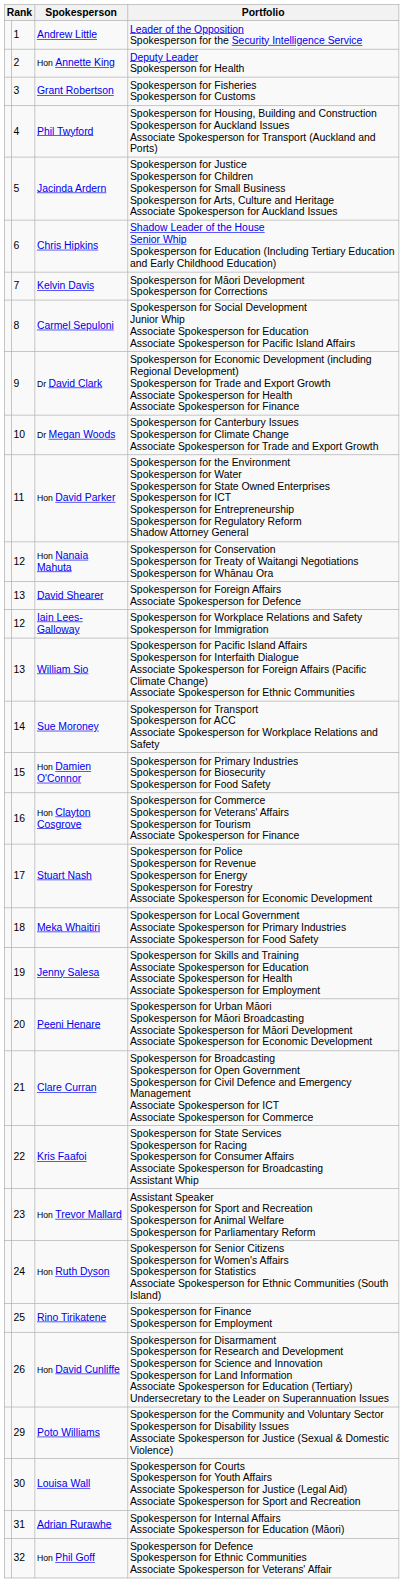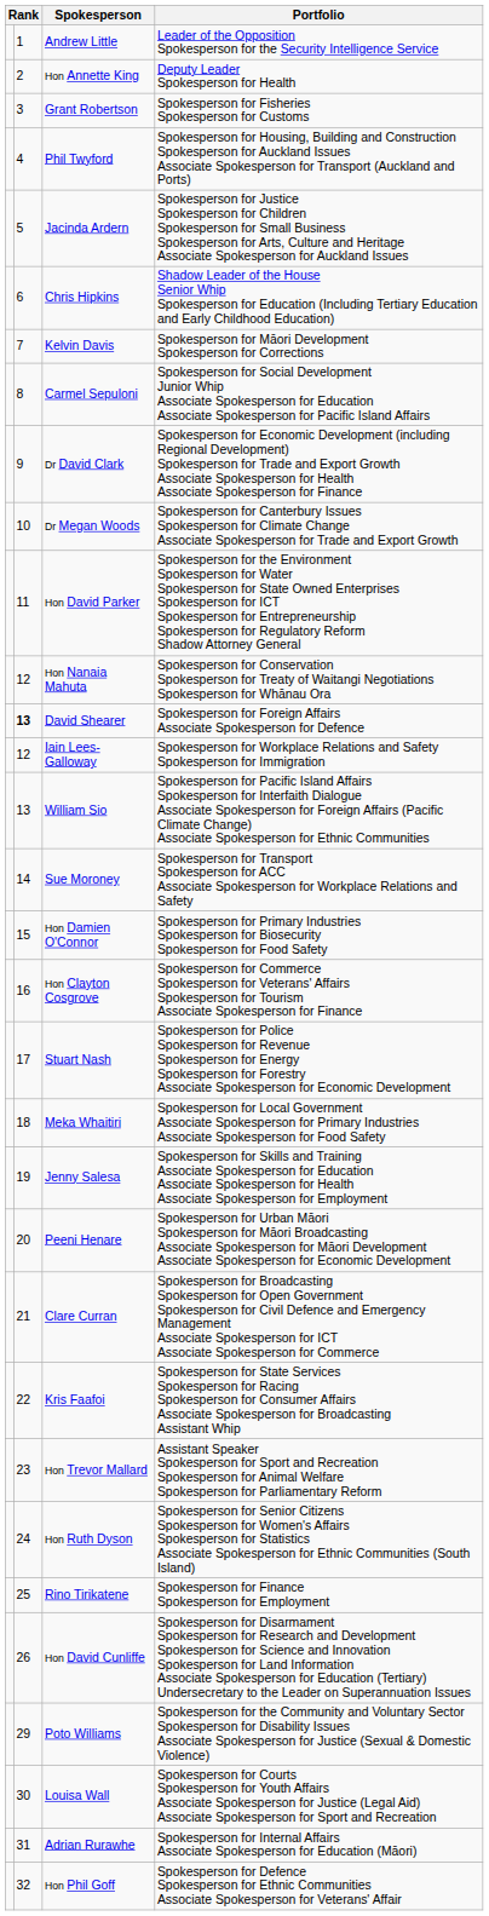 <table class="wikitable">
 <tr>
 <th colspan="2">Rank</th>
 <th>Spokesperson</th>
 <th>Portfolio</th>
 </tr>
 <tr>
 <td bgcolor=></td>
 <td>1</td>
 <td><a href='#'>Andrew Little</a></td>
 <td><a href='#'>Leader of the Opposition</a><br>Spokesperson for the <a href='#'>Security Intelligence Service</a></td>
 </tr>
 <tr>
 <td bgcolor=></td>
 <td>2</td>
 <td><small>Hon </small><a href='#'>Annette King</a></td>
 <td><a href='#'>Deputy Leader</a><br>Spokesperson for Health</td>
 </tr>
 <tr>
 <td bgcolor=></td>
 <td>3</td>
 <td><a href='#'>Grant Robertson</a></td>
 <td>Spokesperson for Fisheries<br>Spokesperson for Customs</td>
 </tr>
 <tr>
 <td bgcolor=></td>
 <td>4</td>
 <td><a href='#'>Phil Twyford</a></td>
 <td>Spokesperson for Housing, Building and Construction<br>Spokesperson for Auckland Issues<br>Associate Spokesperson for Transport (Auckland and Ports)</td>
 </tr>
 <tr>
 <td bgcolor=></td>
 <td>5</td>
 <td><a href='#'>Jacinda Ardern</a></td>
 <td>Spokesperson for Justice<br>Spokesperson for Children<br>Spokesperson for Small Business<br>Spokesperson for Arts, Culture and Heritage<br>Associate Spokesperson for Auckland Issues</td>
 </tr>
 <tr>
 <td bgcolor=></td>
 <td>6</td>
 <td><a href='#'>Chris Hipkins</a></td>
 <td><a href='#'>Shadow Leader of the House</a><br><a href='#'>Senior Whip</a><br>Spokesperson for Education (Including Tertiary Education and Early Childhood Education)</td>
 </tr>
 <tr>
 <td bgcolor=></td>
 <td>7</td>
 <td><a href='#'>Kelvin Davis</a></td>
 <td>Spokesperson for Māori Development<br>Spokesperson for Corrections</td>
 </tr>
 <tr>
 <td bgcolor=></td>
 <td>8</td>
 <td><a href='#'>Carmel Sepuloni</a></td>
 <td>Spokesperson for Social Development<br>Junior Whip<br>Associate Spokesperson for Education<br>Associate Spokesperson for Pacific Island Affairs</td>
 </tr>
 <tr>
 <td bgcolor=></td>
 <td>9</td>
 <td><small>Dr </small><a href='#'>David Clark</a></td>
 <td>Spokesperson for Economic Development (including Regional Development)<br>Spokesperson for Trade and Export Growth<br>Associate Spokesperson for Health<br>Associate Spokesperson for Finance</td>
 </tr>
 <tr>
 <td bgcolor=></td>
 <td>10</td>
 <td><small>Dr </small><a href='#'>Megan Woods</a></td>
 <td>Spokesperson for Canterbury Issues<br>Spokesperson for Climate Change<br>Associate Spokesperson for Trade and Export Growth</td>
 </tr>
 <tr>
 <td bgcolor=></td>
 <td>11</td>
 <td><small>Hon </small><a href='#'>David Parker</a></td>
 <td>Spokesperson for the Environment<br>Spokesperson for Water<br>Spokesperson for State Owned Enterprises<br>Spokesperson for ICT<br>Spokesperson for Entrepreneurship<br>Spokesperson for Regulatory Reform<br>Shadow Attorney General<br></td>
 </tr>
 <tr>
 <td bgcolor=></td>
 <td>12</td>
 <td><small>Hon </small><a href='#'>Nanaia Mahuta</a></td>
 <td>Spokesperson for Conservation<br>Spokesperson for Treaty of Waitangi Negotiations<br>Spokesperson for Whānau Ora<br></td>
 </tr>
 <tr>
 <td bgcolor=></td>
-<td>13</td>
+<td><strong>13</strong></td>
 <td><a href='#'>David Shearer</a></td>
 <td>Spokesperson for Foreign Affairs<br>Associate Spokesperson for Defence</td>
 </tr>
 <tr>
 <td bgcolor=></td>
 <td>12</td>
 <td><a href='#'>Iain Lees-Galloway</a></td>
 <td>Spokesperson for Workplace Relations and Safety<br>Spokesperson for Immigration</td>
 </tr>
 <tr>
 <td bgcolor=></td>
 <td>13</td>
 <td><a href='#'>William Sio</a></td>
 <td>Spokesperson for Pacific Island Affairs<br>Spokesperson for Interfaith Dialogue<br>Associate Spokesperson for Foreign Affairs (Pacific Climate Change)<br>Associate Spokesperson for Ethnic Communities</td>
 </tr>
 <tr>
 <td bgcolor=></td>
 <td>14</td>
 <td><a href='#'>Sue Moroney</a></td>
 <td>Spokesperson for Transport<br>Spokesperson for ACC<br>Associate Spokesperson for Workplace Relations and Safety</td>
 </tr>
 <tr>
 <td bgcolor=></td>
 <td>15</td>
 <td><small>Hon </small><a href='#'>Damien O'Connor</a></td>
 <td>Spokesperson for Primary Industries<br>Spokesperson for Biosecurity<br>Spokesperson for Food Safety</td>
 </tr>
 <tr>
 <td bgcolor=></td>
 <td>16</td>
 <td><small>Hon </small><a href='#'>Clayton Cosgrove</a></td>
 <td>Spokesperson for Commerce<br>Spokesperson for Veterans' Affairs<br>Spokesperson for Tourism<br>Associate Spokesperson for Finance</td>
 </tr>
 <tr>
 <td bgcolor=></td>
 <td>17</td>
 <td><a href='#'>Stuart Nash</a></td>
 <td>Spokesperson for Police<br>Spokesperson for Revenue<br>Spokesperson for Energy<br>Spokesperson for Forestry<br>Associate Spokesperson for Economic Development</td>
 </tr>
 <tr>
 <td bgcolor=></td>
 <td>18</td>
 <td><a href='#'>Meka Whaitiri</a></td>
 <td>Spokesperson for Local Government<br>Associate Spokesperson for Primary Industries<br>Associate Spokesperson for Food Safety</td>
 </tr>
 <tr>
 <td bgcolor=></td>
 <td>19</td>
 <td><a href='#'>Jenny Salesa</a></td>
 <td>Spokesperson for Skills and Training<br>Associate Spokesperson for Education<br>Associate Spokesperson for Health<br>Associate Spokesperson for Employment</td>
 </tr>
 <tr>
 <td bgcolor=></td>
 <td>20</td>
 <td><a href='#'>Peeni Henare</a></td>
 <td>Spokesperson for Urban Māori<br>Spokesperson for Māori Broadcasting<br>Associate Spokesperson for Māori Development<br>Associate Spokesperson for Economic Development</td>
 </tr>
 <tr>
 <td bgcolor=></td>
 <td>21</td>
 <td><a href='#'>Clare Curran</a></td>
 <td>Spokesperson for Broadcasting<br>Spokesperson for Open Government<br>Spokesperson for Civil Defence and Emergency Management<br>Associate Spokesperson for ICT<br>Associate Spokesperson for Commerce</td>
 </tr>
 <tr>
 <td bgcolor=></td>
 <td>22</td>
 <td><a href='#'>Kris Faafoi</a></td>
 <td>Spokesperson for State Services<br>Spokesperson for Racing<br>Spokesperson for Consumer Affairs<br>Associate Spokesperson for Broadcasting<br>Assistant Whip</td>
 </tr>
 <tr>
 <td bgcolor=></td>
 <td>23</td>
 <td><small>Hon </small><a href='#'>Trevor Mallard</a></td>
 <td>Assistant Speaker<br>Spokesperson for Sport and Recreation<br>Spokesperson for Animal Welfare<br>Spokesperson for Parliamentary Reform</td>
 </tr>
 <tr>
 <td bgcolor=></td>
 <td>24</td>
 <td><small>Hon </small><a href='#'>Ruth Dyson</a></td>
 <td>Spokesperson for Senior Citizens<br>Spokesperson for Women's Affairs<br>Spokesperson for Statistics<br>Associate Spokesperson for Ethnic Communities (South Island)</td>
 </tr>
 <tr>
 <td bgcolor=></td>
 <td>25</td>
 <td><a href='#'>Rino Tirikatene</a></td>
 <td>Spokesperson for Finance<br>Spokesperson for Employment</td>
 </tr>
 <tr>
 <td bgcolor=></td>
 <td>26</td>
 <td><small>Hon </small><a href='#'>David Cunliffe</a></td>
 <td>Spokesperson for Disarmament<br>Spokesperson for Research and Development<br>Spokesperson for Science and Innovation<br>Spokesperson for Land Information<br>Associate Spokesperson for Education (Tertiary)<br>Undersecretary to the Leader on Superannuation Issues</td>
 </tr>
 <tr>
 <td bgcolor=></td>
 <td>29</td>
 <td><a href='#'>Poto Williams</a></td>
 <td>Spokesperson for the Community and Voluntary Sector<br>Spokesperson for Disability Issues<br>Associate Spokesperson for Justice (Sexual & Domestic Violence)</td>
 </tr>
 <tr>
 <td bgcolor=></td>
 <td>30</td>
 <td><a href='#'>Louisa Wall</a></td>
 <td>Spokesperson for Courts<br>Spokesperson for Youth Affairs<br>Associate Spokesperson for Justice (Legal Aid)<br>Associate Spokesperson for Sport and Recreation</td>
 </tr>
 <tr>
 <td bgcolor=></td>
 <td>31</td>
 <td><a href='#'>Adrian Rurawhe</a></td>
 <td>Spokesperson for Internal Affairs<br>Associate Spokesperson for Education (Māori)</td>
 </tr>
 <tr>
 <td bgcolor=></td>
 <td>32</td>
 <td><small>Hon </small><a href='#'>Phil Goff</a></td>
 <td>Spokesperson for Defence<br>Spokesperson for Ethnic Communities<br>Associate Spokesperson for Veterans' Affair</td>
 </tr>
 </table>
